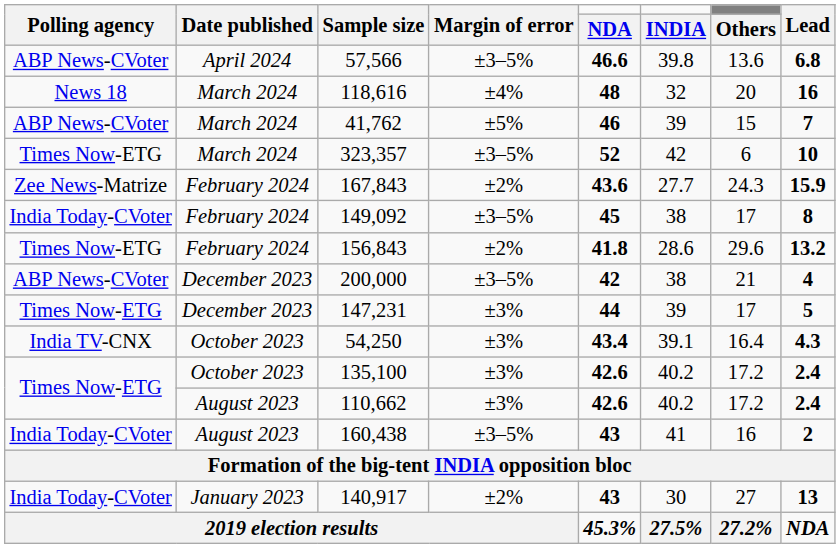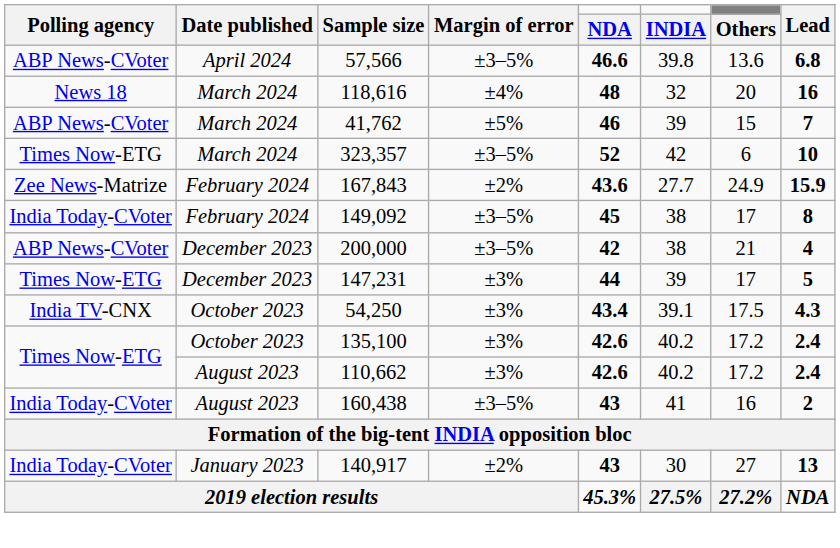 <table class="wikitable" style="text-align:center;font-size:95%;line-height:16px;">
 <tr>
 <th rowspan="2">Polling agency</th>
 <th rowspan="2">Date published</th>
 <th rowspan="2">Sample size</th>
 <th rowspan="2">Margin of error</th>
 <td bgcolor=></td>
 <td bgcolor=></td>
 <td bgcolor=grey></td>
 <th rowspan="2">Lead</th>
 </tr>
 <tr>
 <th><a href='#'>NDA</a></th>
 <th><a href='#'>INDIA</a></th>
 <th>Others</th>
 </tr>
 <tr>
 <td><a href='#'>ABP News</a>-<a href='#'>CVoter</a></td>
 <td><em>April 2024</em></td>
 <td>57,566</td>
 <td>±3–5%</td>
 <td bgcolor=><strong>46.6</strong></td>
 <td>39.8</td>
 <td>13.6</td>
 <td bgcolor=><strong>6.8</strong></td>
 </tr>
 <tr>
 <td><a href='#'>News 18</a></td>
 <td><em>March 2024</em></td>
 <td>118,616</td>
 <td>±4%</td>
 <td bgcolor=><strong>48</strong></td>
 <td>32</td>
 <td>20</td>
 <td bgcolor=><strong>16</strong></td>
 </tr>
 <tr>
 <td><a href='#'>ABP News</a>-<a href='#'>CVoter</a></td>
 <td><em>March 2024</em></td>
 <td>41,762</td>
 <td>±5%</td>
 <td bgcolor=><strong>46</strong></td>
 <td>39</td>
 <td>15</td>
 <td bgcolor=><strong>7</strong></td>
 </tr>
 <tr>
 <td><a href='#'>Times Now</a>-ETG</td>
 <td><em>March 2024</em></td>
 <td>323,357</td>
 <td>±3–5%</td>
 <td bgcolor=><strong>52</strong></td>
 <td>42</td>
 <td>6</td>
 <td bgcolor=><strong>10</strong></td>
 </tr>
 <tr>
 <td><a href='#'>Zee News</a>-Matrize</td>
 <td><em>February 2024</em></td>
 <td>167,843</td>
 <td>±2%</td>
 <td bgcolor=><strong>43.6</strong></td>
 <td>27.7</td>
-<td>24.3</td>
+<td>24.9</td>
 <td bgcolor=><strong>15.9</strong></td>
 </tr>
 <tr>
 <td><a href='#'>India Today</a>-<a href='#'>CVoter</a></td>
 <td><em>February 2024</em></td>
 <td>149,092</td>
 <td>±3–5%</td>
 <td bgcolor=><strong>45</strong></td>
 <td>38</td>
 <td>17</td>
 <td bgcolor=><strong>8</strong></td>
-</tr>
-<tr>
-<td><a href='#'>Times Now</a>-ETG</td>
-<td><em>February 2024</em></td>
-<td>156,843</td>
-<td>±2%</td>
-<td bgcolor=><strong>41.8</strong></td>
-<td>28.6</td>
-<td>29.6</td>
-<td bgcolor=><strong>13.2</strong></td>
 </tr>
 <tr>
 <td><a href='#'>ABP News</a>-<a href='#'>CVoter</a></td>
 <td><em>December 2023</em></td>
 <td>200,000</td>
 <td>±3–5%</td>
 <td bgcolor=><strong>42</strong></td>
 <td>38</td>
 <td>21</td>
 <td bgcolor=><strong>4</strong></td>
 </tr>
 <tr>
 <td><a href='#'>Times Now</a>-<a href='#'>ETG</a></td>
 <td><em>December 2023</em></td>
 <td>147,231</td>
 <td>±3%</td>
 <td bgcolor=><strong>44</strong></td>
 <td>39</td>
 <td>17</td>
 <td bgcolor=><strong>5</strong></td>
 </tr>
 <tr>
 <td><a href='#'>India TV</a>-CNX</td>
 <td><em>October 2023</em></td>
 <td>54,250</td>
 <td>±3%</td>
 <td bgcolor=><strong>43.4</strong></td>
 <td>39.1</td>
-<td>16.4</td>
+<td>17.5</td>
 <td bgcolor=><strong>4.3</strong></td>
 </tr>
 <tr>
 <td rowspan="2"><a href='#'>Times Now</a>-<a href='#'>ETG</a></td>
 <td><em>October 2023</em></td>
 <td>135,100</td>
 <td>±3%</td>
 <td bgcolor=><strong>42.6</strong></td>
 <td>40.2</td>
 <td>17.2</td>
 <td><strong>2.4</strong></td>
 </tr>
 <tr>
 <td><em>August 2023</em></td>
 <td>110,662</td>
 <td>±3%</td>
 <td bgcolor=><strong>42.6</strong></td>
 <td>40.2</td>
 <td>17.2</td>
 <td bgcolor=><strong>2.4</strong></td>
 </tr>
 <tr>
 <td><a href='#'>India Today</a>-<a href='#'>CVoter</a></td>
 <td><em>August 2023</em></td>
 <td>160,438</td>
 <td>±3–5%</td>
 <td bgcolor=><strong>43</strong></td>
 <td>41</td>
 <td>16</td>
 <td bgcolor=><strong>2</strong></td>
 </tr>
 <tr>
 <th colspan="8">Formation of the big-tent <a href='#'>INDIA</a> opposition bloc</th>
 </tr>
 <tr>
 <td><a href='#'>India Today</a>-<a href='#'>CVoter</a></td>
 <td><em>January 2023</em></td>
 <td>140,917</td>
 <td>±2%</td>
 <td bgcolor=><strong>43</strong></td>
 <td>30</td>
 <td>27</td>
 <td bgcolor=><strong>13</strong></td>
 </tr>
 <tr>
 <th colspan="4"><em>2019 election results</em></th>
 <td bgcolor=><strong><em>45.3%</em></strong></td>
 <th><em>27.5%</em></th>
 <th><em>27.2%</em></th>
 <td bgcolor=><strong><em>NDA</em></strong></td>
 </tr>
 </table>
